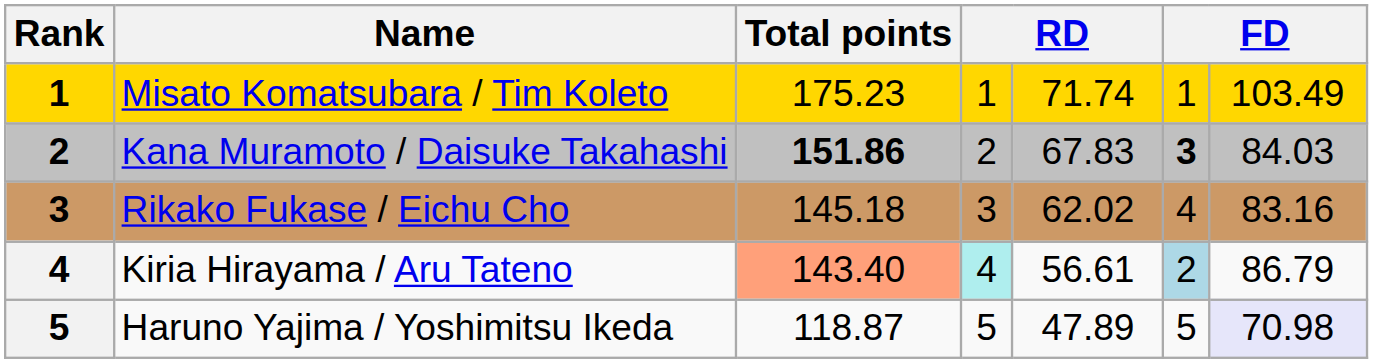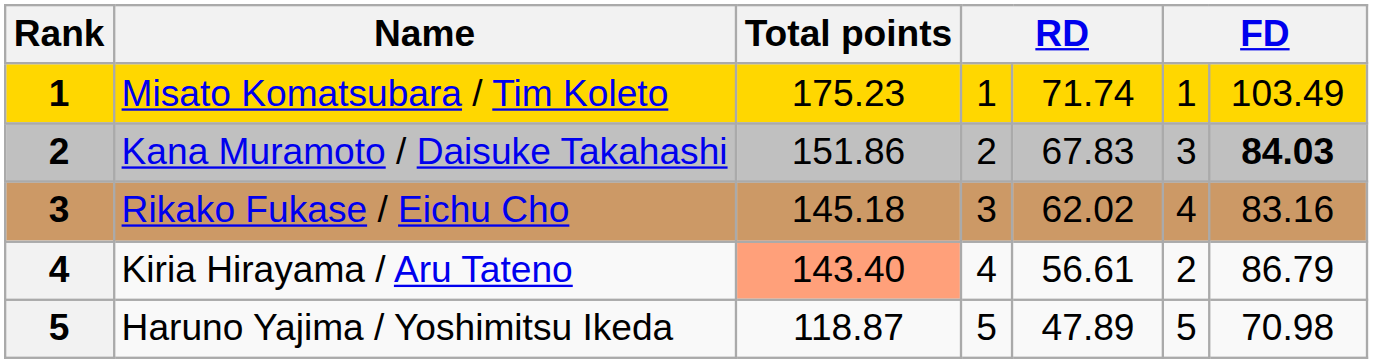 <table class="wikitable sortable">
 <tr>
 <th>Rank</th>
 <th>Name</th>
 <th>Total points</th>
 <th colspan="2" width="80px"><a href='#'>RD</a></th>
 <th colspan="2" width="80px"><a href='#'>FD</a></th>
 </tr>
 <tr bgcolor="gold">
 <td align="center"><strong>1</strong></td>
 <td><a href='#'>Misato Komatsubara</a> / <a href='#'>Tim Koleto</a></td>
 <td align="center">175.23</td>
 <td align="center">1</td>
 <td align="center">71.74</td>
 <td align="center">1</td>
 <td align="center">103.49</td>
 </tr>
 <tr bgcolor="silver">
 <td align="center"><strong>2</strong></td>
 <td><a href='#'>Kana Muramoto</a> / <a href='#'>Daisuke Takahashi</a></td>
-<td align="center"><strong>151.86</strong></td>
+<td align="center">151.86</td>
 <td align="center">2</td>
 <td align="center">67.83</td>
-<td align="center"><strong>3</strong></td>
-<td align="center">84.03</td>
+<td align="center">3</td>
+<td align="center"><strong>84.03</strong></td>
 </tr>
 <tr bgcolor="cc9966">
 <td align="center"><strong>3</strong></td>
 <td><a href='#'>Rikako Fukase</a> / <a href='#'>Eichu Cho</a></td>
 <td align="center">145.18</td>
 <td align="center">3</td>
 <td align="center">62.02</td>
 <td align="center">4</td>
 <td align="center">83.16</td>
 </tr>
 <tr>
 <th>4</th>
 <td>Kiria Hirayama / <a href='#'>Aru Tateno</a></td>
 <td align="center" style="background: lightsalmon;">143.40</td>
-<td align="center" style="background: paleturquoise;">4</td>
+<td align="center">4</td>
 <td align="center">56.61</td>
-<td align="center" style="background: lightblue;">2</td>
+<td align="center">2</td>
 <td align="center">86.79</td>
 </tr>
 <tr>
 <th>5</th>
 <td>Haruno Yajima / Yoshimitsu Ikeda</td>
 <td align="center">118.87</td>
 <td align="center">5</td>
 <td align="center">47.89</td>
 <td align="center">5</td>
-<td align="center" style="background: lavender;">70.98</td>
+<td align="center">70.98</td>
 </tr>
 </table>
